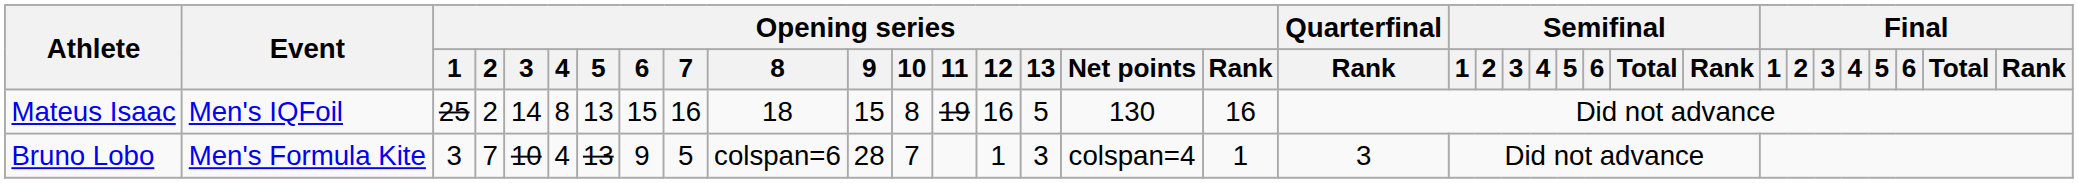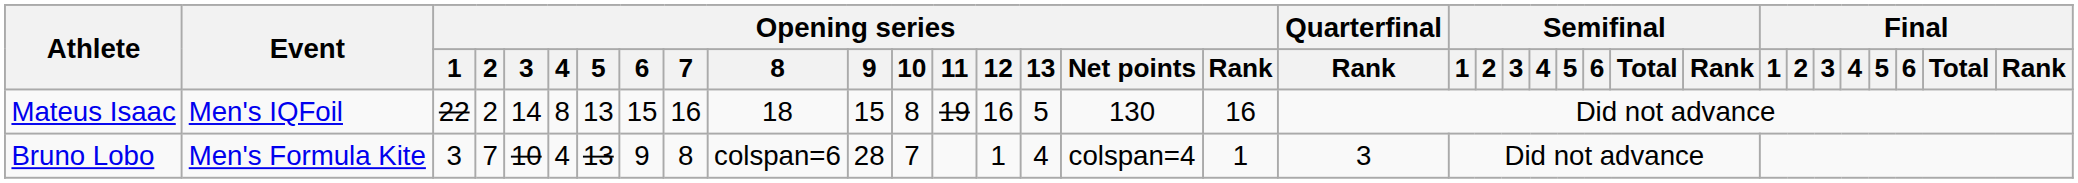 <table class="wikitable" style="font-size:90%">
 <tr>
 <th rowspan=2>Athlete</th>
 <th rowspan=2>Event</th>
 <th colspan=15>Opening series</th>
 <th>Quarterfinal</th>
 <th colspan=8>Semifinal</th>
 <th colspan=8>Final</th>
 </tr>
 <tr style="font-size:95%">
 <th>1</th>
 <th>2</th>
 <th>3</th>
 <th>4</th>
 <th>5</th>
 <th>6</th>
 <th>7</th>
 <th>8</th>
 <th>9</th>
 <th>10</th>
 <th>11</th>
 <th>12</th>
 <th>13</th>
 <th>Net points</th>
 <th>Rank</th>
 <th>Rank</th>
 <th>1</th>
 <th>2</th>
 <th>3</th>
 <th>4</th>
 <th>5</th>
 <th>6</th>
 <th>Total</th>
 <th>Rank</th>
 <th>1</th>
 <th>2</th>
 <th>3</th>
 <th>4</th>
 <th>5</th>
 <th>6</th>
 <th>Total</th>
 <th>Rank</th>
 </tr>
 <tr align=center>
 <td align=left><a href='#'>Mateus Isaac</a></td>
 <td align=left><a href='#'>Men's IQFoil</a></td>
-<td><s>25</s></td>
+<td><s>22</s></td>
 <td>2</td>
 <td>14</td>
 <td>8</td>
 <td>13</td>
 <td>15</td>
 <td>16</td>
 <td>18</td>
 <td>15</td>
 <td>8</td>
 <td><s>19</s></td>
 <td>16</td>
 <td>5</td>
 <td>130</td>
 <td>16</td>
 <td colspan=17>Did not advance</td>
 </tr>
 <tr align=center>
 <td align=left><a href='#'>Bruno Lobo</a></td>
 <td align=left><a href='#'>Men's Formula Kite</a></td>
 <td>3</td>
 <td>7</td>
 <td><s>10</s></td>
 <td>4</td>
 <td><s>13</s></td>
 <td>9</td>
-<td>5</td>
+<td>8</td>
 <td>colspan=6</td>
 <td>28</td>
 <td>7</td>
 <td></td>
 <td>1</td>
-<td>3</td>
+<td>4</td>
 <td>colspan=4</td>
 <td>1</td>
 <td>3</td>
 <td colspan=8>Did not advance</td>
 </tr>
 </table>
